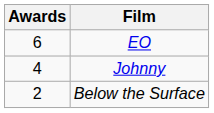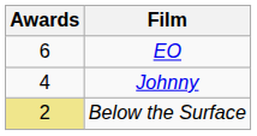 <table class="wikitable plainrowheaders" style="text-align:center;">
 <tr>
 <th scope="col" style="width:55px;">Awards</th>
 <th scope="col" style="text-align:center;">Film</th>
 </tr>
 <tr>
 <td>6</td>
 <td><em><a href='#'>EO</a></em></td>
 </tr>
 <tr>
 <td>4</td>
 <td><em><a href='#'>Johnny</a></em></td>
 </tr>
 <tr>
-<td>2</td>
+<td style="background: khaki;">2</td>
 <td><em>Below the Surface</em></td>
 </tr>
 </table>
